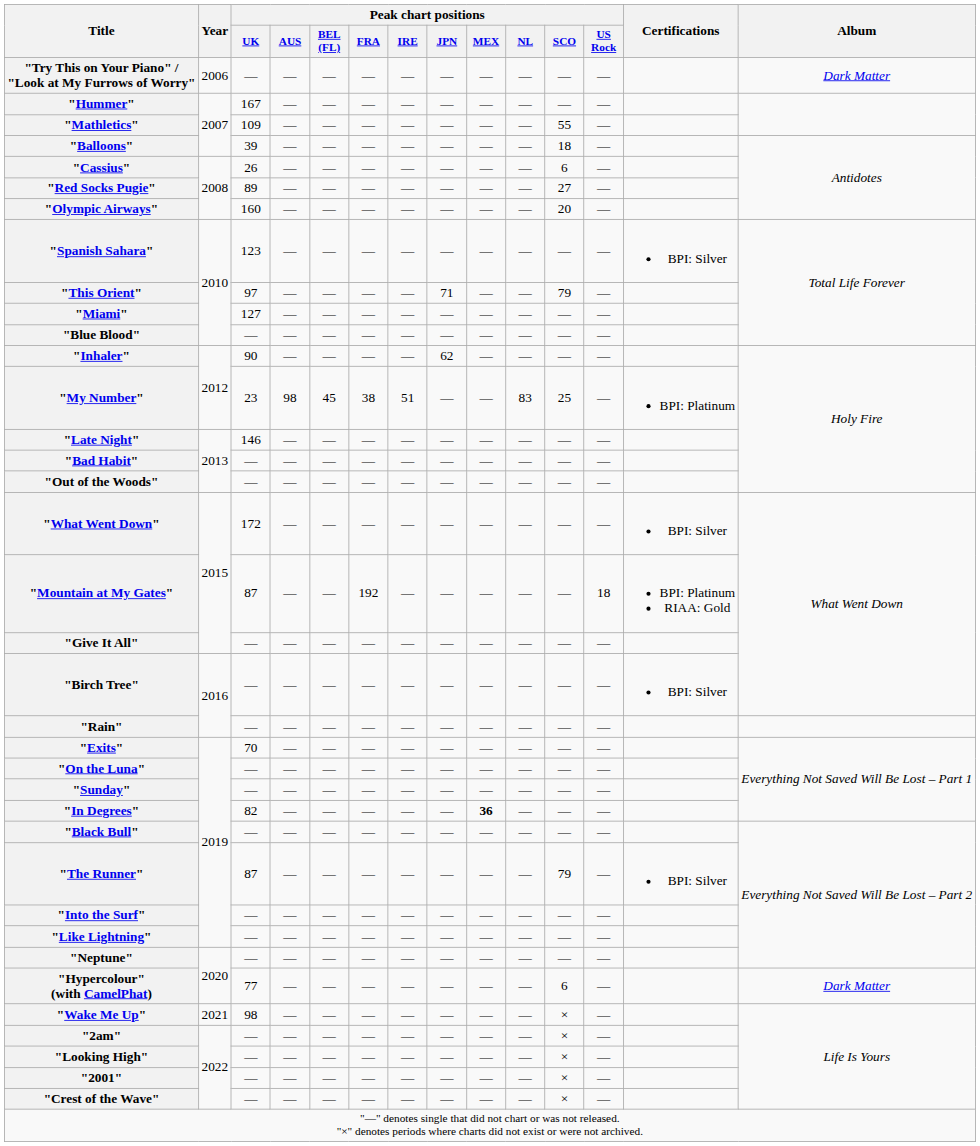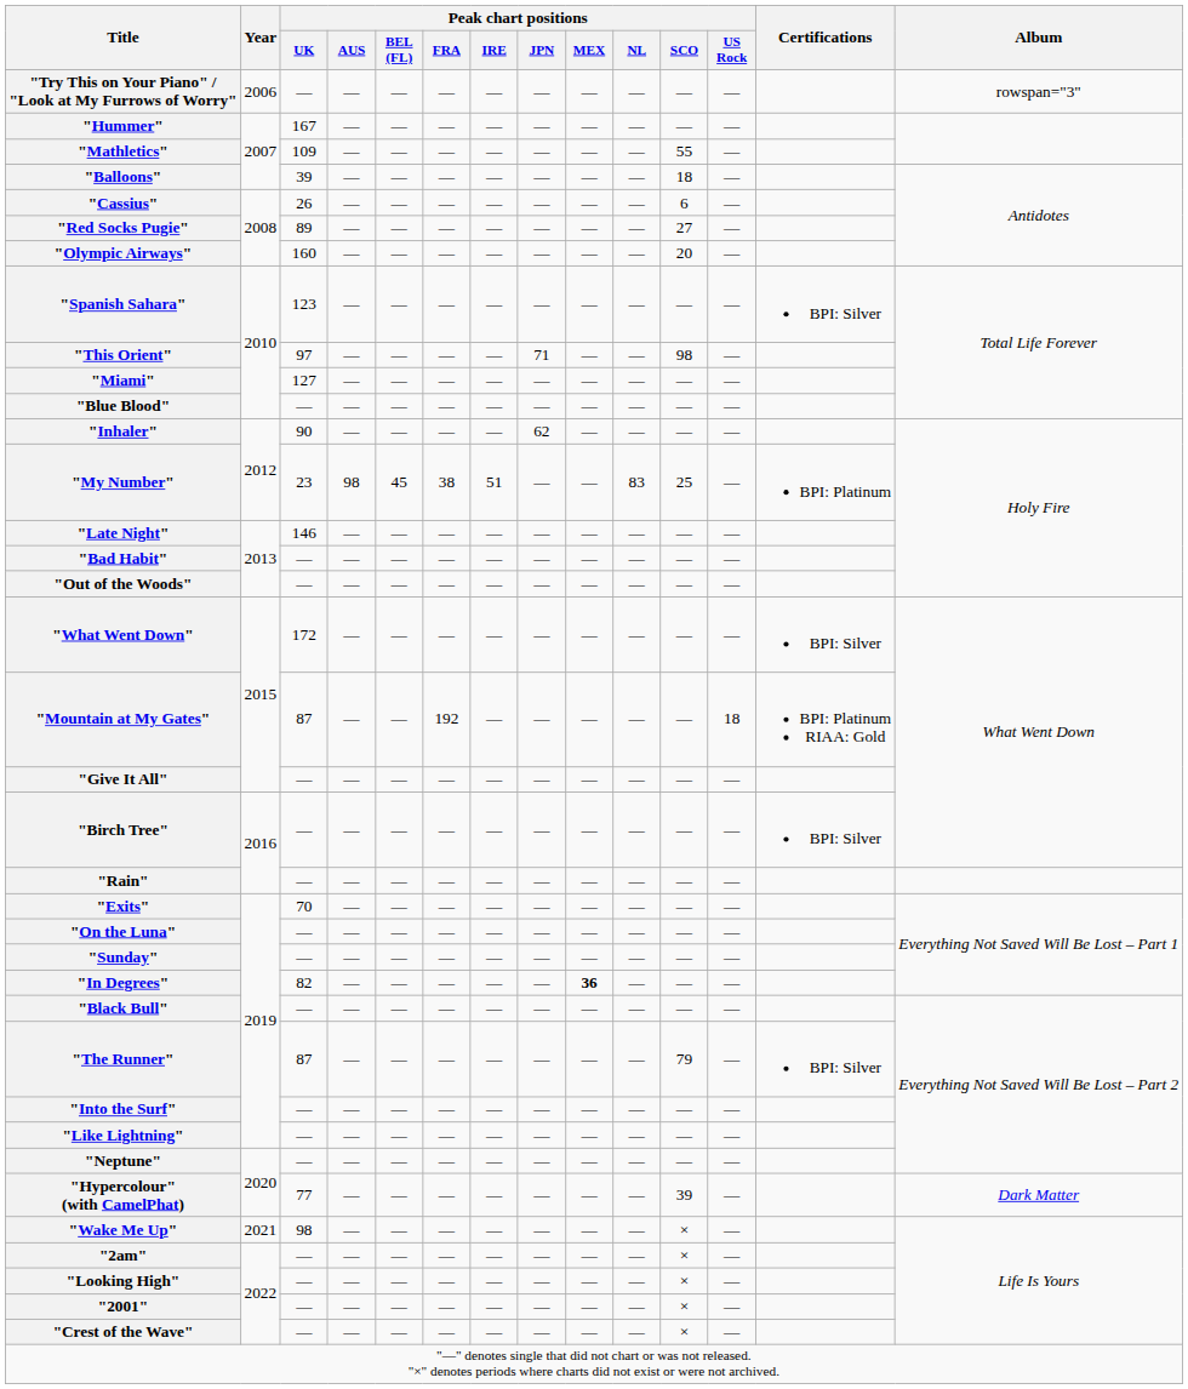 <table class="wikitable plainrowheaders" style="text-align:center;">
 <tr>
 <th scope="col" rowspan="2">Title</th>
 <th scope="col" rowspan="2">Year</th>
 <th scope="col" colspan="10">Peak chart positions</th>
 <th scope="col" rowspan="2">Certifications</th>
 <th scope="col" rowspan="2">Album</th>
 </tr>
 <tr>
 <th scope="col" style="width:3em;font-size:85%;"><a href='#'>UK</a><br></th>
 <th scope="col" style="width:3em;font-size:85%;"><a href='#'>AUS</a><br></th>
 <th scope="col" style="width:3em;font-size:85%;"><a href='#'>BEL<br>(FL)</a><br></th>
 <th scope="col" style="width:3em;font-size:85%;"><a href='#'>FRA</a><br></th>
 <th scope="col" style="width:3em;font-size:85%;"><a href='#'>IRE</a><br></th>
 <th scope="col" style="width:3em;font-size:85%;"><a href='#'>JPN</a><br></th>
 <th scope="col" style="width:3em;font-size:85%;"><a href='#'>MEX</a><br></th>
 <th scope="col" style="width:3em;font-size:85%;"><a href='#'>NL</a><br></th>
 <th scope="col" style="width:3em;font-size:85%;"><a href='#'>SCO</a><br></th>
 <th scope="col" style="width:3em;font-size:85%;"><a href='#'>US <br>Rock</a><br></th>
 </tr>
 <tr>
 <th scope="row">"Try This on Your Piano" /<br>"Look at My Furrows of Worry"</th>
 <td>2006</td>
 <td>—</td>
 <td>—</td>
 <td>—</td>
 <td>—</td>
 <td>—</td>
 <td>—</td>
 <td>—</td>
 <td>—</td>
 <td>—</td>
 <td>—</td>
 <td></td>
-<td><em><a href='#'>Dark Matter</a></em></td>
+<td>rowspan="3" </td>
 </tr>
 <tr>
 <th scope="row">"<a href='#'>Hummer</a>"</th>
 <td rowspan="3">2007</td>
 <td>167</td>
 <td>—</td>
 <td>—</td>
 <td>—</td>
 <td>—</td>
 <td>—</td>
 <td>—</td>
 <td>—</td>
 <td>—</td>
 <td>—</td>
 <td></td>
 </tr>
 <tr>
 <th scope="row">"<a href='#'>Mathletics</a>"</th>
 <td>109</td>
 <td>—</td>
 <td>—</td>
 <td>—</td>
 <td>—</td>
 <td>—</td>
 <td>—</td>
 <td>—</td>
 <td>55</td>
 <td>—</td>
 <td></td>
 </tr>
 <tr>
 <th scope="row">"<a href='#'>Balloons</a>"</th>
 <td>39</td>
 <td>—</td>
 <td>—</td>
 <td>—</td>
 <td>—</td>
 <td>—</td>
 <td>—</td>
 <td>—</td>
 <td>18</td>
 <td>—</td>
 <td></td>
 <td rowspan="4"><em>Antidotes</em></td>
 </tr>
 <tr>
 <th scope="row">"<a href='#'>Cassius</a>"</th>
 <td rowspan="3">2008</td>
 <td>26</td>
 <td>—</td>
 <td>—</td>
 <td>—</td>
 <td>—</td>
 <td>—</td>
 <td>—</td>
 <td>—</td>
 <td>6</td>
 <td>—</td>
 <td></td>
 </tr>
 <tr>
 <th scope="row">"<a href='#'>Red Socks Pugie</a>"</th>
 <td>89</td>
 <td>—</td>
 <td>—</td>
 <td>—</td>
 <td>—</td>
 <td>—</td>
 <td>—</td>
 <td>—</td>
 <td>27</td>
 <td>—</td>
 <td></td>
 </tr>
 <tr>
 <th scope="row">"<a href='#'>Olympic Airways</a>"</th>
 <td>160</td>
 <td>—</td>
 <td>—</td>
 <td>—</td>
 <td>—</td>
 <td>—</td>
 <td>—</td>
 <td>—</td>
 <td>20</td>
 <td>—</td>
 <td></td>
 </tr>
 <tr>
 <th scope="row">"<a href='#'>Spanish Sahara</a>"</th>
 <td rowspan="4">2010</td>
 <td>123</td>
 <td>—</td>
 <td>—</td>
 <td>—</td>
 <td>—</td>
 <td>—</td>
 <td>—</td>
 <td>—</td>
 <td>—</td>
 <td>—</td>
 <td><br><ul><li>BPI: Silver</li></ul></td>
 <td rowspan="4"><em>Total Life Forever</em></td>
 </tr>
 <tr>
 <th scope="row">"<a href='#'>This Orient</a>"</th>
 <td>97</td>
 <td>—</td>
 <td>—</td>
 <td>—</td>
 <td>—</td>
 <td>71</td>
 <td>—</td>
 <td>—</td>
-<td>79</td>
+<td>98</td>
 <td>—</td>
 <td></td>
 </tr>
 <tr>
 <th scope="row">"<a href='#'>Miami</a>"</th>
 <td>127</td>
 <td>—</td>
 <td>—</td>
 <td>—</td>
 <td>—</td>
 <td>—</td>
 <td>—</td>
 <td>—</td>
 <td>—</td>
 <td>—</td>
 <td></td>
 </tr>
 <tr>
 <th scope="row">"Blue Blood"</th>
 <td>—</td>
 <td>—</td>
 <td>—</td>
 <td>—</td>
 <td>—</td>
 <td>—</td>
 <td>—</td>
 <td>—</td>
 <td>—</td>
 <td>—</td>
 <td></td>
 </tr>
 <tr>
 <th scope="row">"<a href='#'>Inhaler</a>"</th>
 <td rowspan="2">2012</td>
 <td>90</td>
 <td>—</td>
 <td>—</td>
 <td>—</td>
 <td>—</td>
 <td>62</td>
 <td>—</td>
 <td>—</td>
 <td>—</td>
 <td>—</td>
 <td></td>
 <td style="text-align:center;" rowspan="5"><em>Holy Fire</em></td>
 </tr>
 <tr>
 <th scope="row">"<a href='#'>My Number</a>"</th>
 <td>23</td>
 <td>98</td>
 <td>45</td>
 <td>38</td>
 <td>51</td>
 <td>—</td>
 <td>—</td>
 <td>83</td>
 <td>25</td>
 <td>—</td>
 <td><br><ul><li>BPI: Platinum</li></ul></td>
 </tr>
 <tr>
 <th scope="row">"<a href='#'>Late Night</a>"</th>
 <td rowspan="3">2013</td>
 <td>146</td>
 <td>—</td>
 <td>—</td>
 <td>—</td>
 <td>—</td>
 <td>—</td>
 <td>—</td>
 <td>—</td>
 <td>—</td>
 <td>—</td>
 <td></td>
 </tr>
 <tr>
 <th scope="row">"<a href='#'>Bad Habit</a>"</th>
 <td>—</td>
 <td>—</td>
 <td>—</td>
 <td>—</td>
 <td>—</td>
 <td>—</td>
 <td>—</td>
 <td>—</td>
 <td>—</td>
 <td>—</td>
 <td></td>
 </tr>
 <tr>
 <th scope="row">"Out of the Woods"</th>
 <td>—</td>
 <td>—</td>
 <td>—</td>
 <td>—</td>
 <td>—</td>
 <td>—</td>
 <td>—</td>
 <td>—</td>
 <td>—</td>
 <td>—</td>
 <td></td>
 </tr>
 <tr>
 <th scope="row">"<a href='#'>What Went Down</a>"</th>
 <td rowspan="3">2015</td>
 <td>172</td>
 <td>—</td>
 <td>—</td>
 <td>—</td>
 <td>—</td>
 <td>—</td>
 <td>—</td>
 <td>—</td>
 <td>—</td>
 <td>—</td>
 <td><br><ul><li>BPI: Silver</li></ul></td>
 <td style="text-align:center;" rowspan="4"><em>What Went Down</em></td>
 </tr>
 <tr>
 <th scope="row">"<a href='#'>Mountain at My Gates</a>"</th>
 <td>87</td>
 <td>—</td>
 <td>—</td>
 <td>192</td>
 <td>—</td>
 <td>—</td>
 <td>—</td>
 <td>—</td>
 <td>—</td>
 <td>18</td>
 <td><br><ul><li>BPI: Platinum</li><li>RIAA: Gold</li></ul></td>
 </tr>
 <tr>
 <th scope="row">"Give It All"</th>
 <td>—</td>
 <td>—</td>
 <td>—</td>
 <td>—</td>
 <td>—</td>
 <td>—</td>
 <td>—</td>
 <td>—</td>
 <td>—</td>
 <td>—</td>
 <td></td>
 </tr>
 <tr>
 <th scope="row">"Birch Tree"</th>
 <td rowspan="2">2016</td>
 <td>—</td>
 <td>—</td>
 <td>—</td>
 <td>—</td>
 <td>—</td>
 <td>—</td>
 <td>—</td>
 <td>—</td>
 <td>—</td>
 <td>—</td>
 <td><br><ul><li>BPI: Silver</li></ul></td>
 </tr>
 <tr>
 <th scope="row">"Rain"</th>
 <td>—</td>
 <td>—</td>
 <td>—</td>
 <td>—</td>
 <td>—</td>
 <td>—</td>
 <td>—</td>
 <td>—</td>
 <td>—</td>
 <td>—</td>
 <td></td>
 <td></td>
 </tr>
 <tr>
 <th scope="row">"<a href='#'>Exits</a>"</th>
 <td rowspan="8">2019</td>
 <td>70</td>
 <td>—</td>
 <td>—</td>
 <td>—</td>
 <td>—</td>
 <td>—</td>
 <td>—</td>
 <td>—</td>
 <td>—</td>
 <td>—</td>
 <td></td>
 <td rowspan="4"><em>Everything Not Saved Will Be Lost – Part 1</em></td>
 </tr>
 <tr>
 <th scope="row">"<a href='#'>On the Luna</a>"</th>
 <td>—</td>
 <td>—</td>
 <td>—</td>
 <td>—</td>
 <td>—</td>
 <td>—</td>
 <td>—</td>
 <td>—</td>
 <td>—</td>
 <td>—</td>
 </tr>
 <tr>
 <th scope="row">"<a href='#'>Sunday</a>"</th>
 <td>—</td>
 <td>—</td>
 <td>—</td>
 <td>—</td>
 <td>—</td>
 <td>—</td>
 <td>—</td>
 <td>—</td>
 <td>—</td>
 <td>—</td>
 <td></td>
 </tr>
 <tr>
 <th scope="row">"<a href='#'>In Degrees</a>"</th>
 <td>82</td>
 <td>—</td>
 <td>—</td>
 <td>—</td>
 <td>—</td>
 <td>—</td>
 <td><strong>36</strong></td>
 <td>—</td>
 <td>—</td>
 <td>—</td>
 <td></td>
 </tr>
 <tr>
 <th scope="row">"<a href='#'>Black Bull</a>"</th>
 <td>—</td>
 <td>—</td>
 <td>—</td>
 <td>—</td>
 <td>—</td>
 <td>—</td>
 <td>—</td>
 <td>—</td>
 <td>—</td>
 <td>—</td>
 <td></td>
 <td rowspan="5"><em>Everything Not Saved Will Be Lost – Part 2</em></td>
 </tr>
 <tr>
 <th scope="row">"<a href='#'>The Runner</a>"</th>
 <td>87</td>
 <td>—</td>
 <td>—</td>
 <td>—</td>
 <td>—</td>
 <td>—</td>
 <td>—</td>
 <td>—</td>
 <td>79</td>
 <td>—</td>
 <td><br><ul><li>BPI: Silver</li></ul></td>
 </tr>
 <tr>
 <th scope="row">"<a href='#'>Into the Surf</a>"</th>
 <td>—</td>
 <td>—</td>
 <td>—</td>
 <td>—</td>
 <td>—</td>
 <td>—</td>
 <td>—</td>
 <td>—</td>
 <td>—</td>
 <td>—</td>
 <td></td>
 </tr>
 <tr>
 <th scope="row">"<a href='#'>Like Lightning</a>"</th>
 <td>—</td>
 <td>—</td>
 <td>—</td>
 <td>—</td>
 <td>—</td>
 <td>—</td>
 <td>—</td>
 <td>—</td>
 <td>—</td>
 <td>—</td>
 <td></td>
 </tr>
 <tr>
 <th scope="row">"Neptune"</th>
 <td rowspan="2">2020</td>
 <td>—</td>
 <td>—</td>
 <td>—</td>
 <td>—</td>
 <td>—</td>
 <td>—</td>
 <td>—</td>
 <td>—</td>
 <td>—</td>
 <td>—</td>
 <td></td>
 </tr>
 <tr>
 <th scope="row">"Hypercolour"<br><span>(with <a href='#'>CamelPhat</a>)</span></th>
 <td>77</td>
 <td>—</td>
 <td>—</td>
 <td>—</td>
 <td>—</td>
 <td>—</td>
 <td>—</td>
 <td>—</td>
-<td>6</td>
+<td>39</td>
 <td>—</td>
 <td></td>
 <td><em><a href='#'>Dark Matter</a></em></td>
 </tr>
 <tr>
 <th scope="row">"<a href='#'>Wake Me Up</a>"</th>
 <td>2021</td>
 <td>98</td>
 <td>—</td>
 <td>—</td>
 <td>—</td>
 <td>—</td>
 <td>—</td>
 <td>—</td>
 <td>—</td>
 <td>×</td>
 <td>—</td>
 <td></td>
 <td rowspan="5"><em>Life Is Yours</em></td>
 </tr>
 <tr>
 <th scope="row">"2am"</th>
 <td rowspan="4">2022</td>
 <td>—</td>
 <td>—</td>
 <td>—</td>
 <td>—</td>
 <td>—</td>
 <td>—</td>
 <td>—</td>
 <td>—</td>
 <td>×</td>
 <td>—</td>
 <td></td>
 </tr>
 <tr>
 <th scope="row">"Looking High"</th>
 <td>—</td>
 <td>—</td>
 <td>—</td>
 <td>—</td>
 <td>—</td>
 <td>—</td>
 <td>—</td>
 <td>—</td>
 <td>×</td>
 <td>—</td>
 <td></td>
 </tr>
 <tr>
 <th scope="row">"2001"</th>
 <td>—</td>
 <td>—</td>
 <td>—</td>
 <td>—</td>
 <td>—</td>
 <td>—</td>
 <td>—</td>
 <td>—</td>
 <td>×</td>
 <td>—</td>
 <td></td>
 </tr>
 <tr>
 <th scope="row">"Crest of the Wave"</th>
 <td>—</td>
 <td>—</td>
 <td>—</td>
 <td>—</td>
 <td>—</td>
 <td>—</td>
 <td>—</td>
 <td>—</td>
 <td>×</td>
 <td>—</td>
 <td></td>
 </tr>
 <tr>
 <td colspan="18" style="font-size:85%;">"—" denotes single that did not chart or was not released.<br>"×" denotes periods where charts did not exist or were not archived.</td>
 </tr>
 </table>
